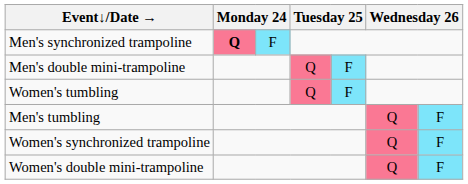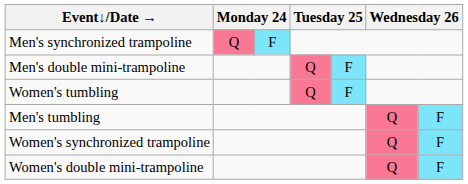 <table class="wikitable" style="margin:0.5em auto; font-size:90%; line-height:1.25em;">
 <tr style="text-align:center;">
 <th>Event↓/Date →</th>
 <th colspan=2>Monday 24</th>
 <th colspan=2>Tuesday 25</th>
 <th colspan=2>Wednesday 26</th>
 </tr>
 <tr style="text-align:center;">
 <td style="text-align:left;">Men's synchronized trampoline</td>
-<td style="background-color:#FA7894;text-align:center;"><strong>Q</strong></td>
+<td style="background-color:#FA7894;text-align:center;">Q</td>
 <td style="background-color:#7DE5FA;">F</td>
 <td colspan=4></td>
 </tr>
 <tr style="text-align:center;">
 <td style="text-align:left;">Men's double mini-trampoline</td>
 <td colspan=2></td>
 <td style="background-color:#FA7894;text-align:center;">Q</td>
 <td style="background-color:#7DE5FA;">F</td>
 <td colspan=2></td>
 </tr>
 <tr style="text-align:center;">
 <td style="text-align:left;">Women's tumbling</td>
 <td colspan=2></td>
 <td style="background-color:#FA7894;text-align:center;">Q</td>
 <td style="background-color:#7DE5FA;">F</td>
 <td colspan=2></td>
 </tr>
 <tr style="text-align:center;">
 <td style="text-align:left;">Men's tumbling</td>
 <td colspan=4></td>
 <td style="background-color:#FA7894;text-align:center;">Q</td>
 <td style="background-color:#7DE5FA;">F</td>
 </tr>
 <tr style="text-align:center;">
 <td style="text-align:left;">Women's synchronized trampoline</td>
 <td colspan=4></td>
 <td style="background-color:#FA7894;text-align:center;">Q</td>
 <td style="background-color:#7DE5FA;">F</td>
 </tr>
 <tr style="text-align:center;">
 <td style="text-align:left;">Women's double mini-trampoline</td>
 <td colspan=4></td>
 <td style="background-color:#FA7894;text-align:center;">Q</td>
 <td style="background-color:#7DE5FA;">F</td>
 </tr>
 </table>
